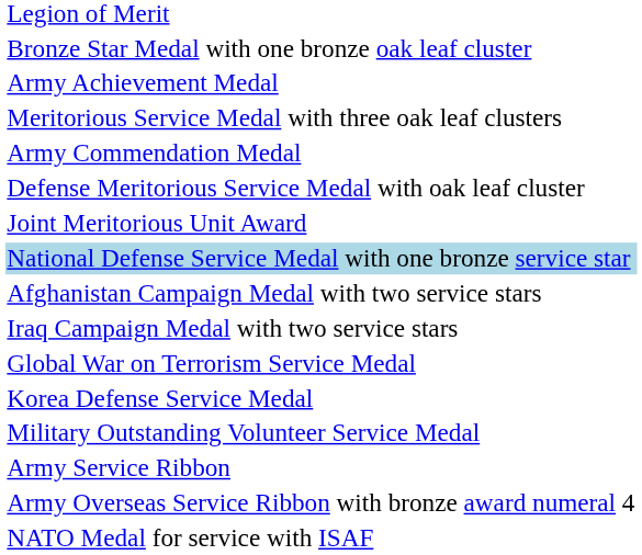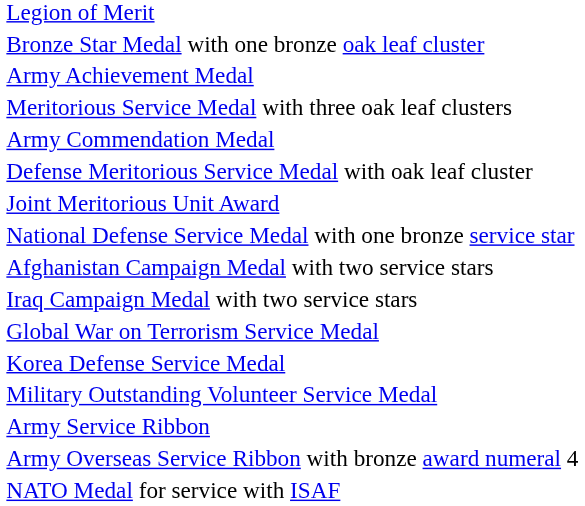 <table>
 <tr>
 <td> <a href='#'>Legion of Merit</a></td>
 </tr>
 <tr>
 <td> <a href='#'>Bronze Star Medal</a> with one bronze <a href='#'>oak leaf cluster</a></td>
 </tr>
 <tr>
 <td> <a href='#'>Army Achievement Medal</a></td>
 </tr>
 <tr>
 <td><span></span><span></span><span></span> <a href='#'>Meritorious Service Medal</a> with three oak leaf clusters</td>
 </tr>
 <tr>
 <td> <a href='#'>Army Commendation Medal</a></td>
 </tr>
 <tr>
 <td> <a href='#'>Defense Meritorious Service Medal</a> with oak leaf cluster</td>
 </tr>
 <tr>
 <td> <a href='#'>Joint Meritorious Unit Award</a></td>
 </tr>
 <tr>
-<td style="background: lightblue;"> <a href='#'>National Defense Service Medal</a> with one bronze <a href='#'>service star</a></td>
+<td> <a href='#'>National Defense Service Medal</a> with one bronze <a href='#'>service star</a></td>
 </tr>
 <tr>
 <td><span></span><span></span> <a href='#'>Afghanistan Campaign Medal</a> with two service stars</td>
 </tr>
 <tr>
 <td><span></span><span></span> <a href='#'>Iraq Campaign Medal</a> with two service stars</td>
 </tr>
 <tr>
 <td> <a href='#'>Global War on Terrorism Service Medal</a></td>
 </tr>
 <tr>
 <td> <a href='#'>Korea Defense Service Medal</a></td>
 </tr>
 <tr>
 <td> <a href='#'>Military Outstanding Volunteer Service Medal</a></td>
 </tr>
 <tr>
 <td> <a href='#'>Army Service Ribbon</a></td>
 </tr>
 <tr>
 <td><span></span> <a href='#'>Army Overseas Service Ribbon</a> with bronze <a href='#'>award numeral</a> 4</td>
 </tr>
 <tr>
 <td> <a href='#'>NATO Medal</a> for service with <a href='#'>ISAF</a></td>
 </tr>
 </table>
